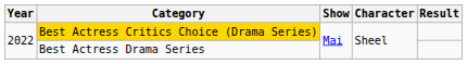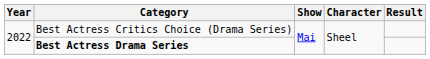 <table class="wikitable sortable">
 <tr>
 <th>Year</th>
 <th>Category</th>
 <th>Show</th>
 <th>Character</th>
 <th>Result</th>
 </tr>
 <tr>
 <td rowspan=2>2022</td>
-<td style="background: gold;">Best Actress Critics Choice (Drama Series)</td>
+<td>Best Actress Critics Choice (Drama Series)</td>
 <td rowspan=2><a href='#'>Mai</a></td>
 <td rowspan=2>Sheel</td>
 <td></td>
 </tr>
 <tr>
-<td>Best Actress Drama Series</td>
+<td><strong>Best Actress Drama Series</strong></td>
 <td></td>
 </tr>
 </table>
